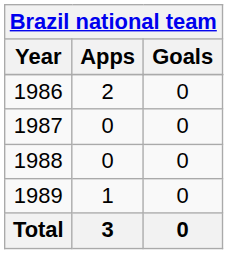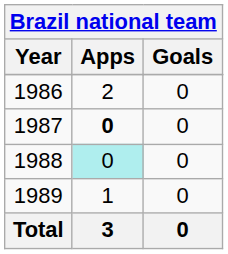 <table class="wikitable" style="text-align:center">
 <tr>
 <th colspan=3><a href='#'>Brazil national team</a></th>
 </tr>
 <tr>
 <th>Year</th>
 <th>Apps</th>
 <th>Goals</th>
 </tr>
 <tr>
 </tr>
 <tr>
 <td>1986</td>
 <td>2</td>
 <td>0</td>
 </tr>
 <tr>
 <td>1987</td>
-<td>0</td>
+<td><strong>0</strong></td>
 <td>0</td>
 </tr>
 <tr>
 <td>1988</td>
-<td>0</td>
+<td style="background: paleturquoise;">0</td>
 <td>0</td>
 </tr>
 <tr>
 <td>1989</td>
 <td>1</td>
 <td>0</td>
 </tr>
 <tr>
 <th>Total</th>
 <th>3</th>
 <th>0</th>
 </tr>
 </table>
